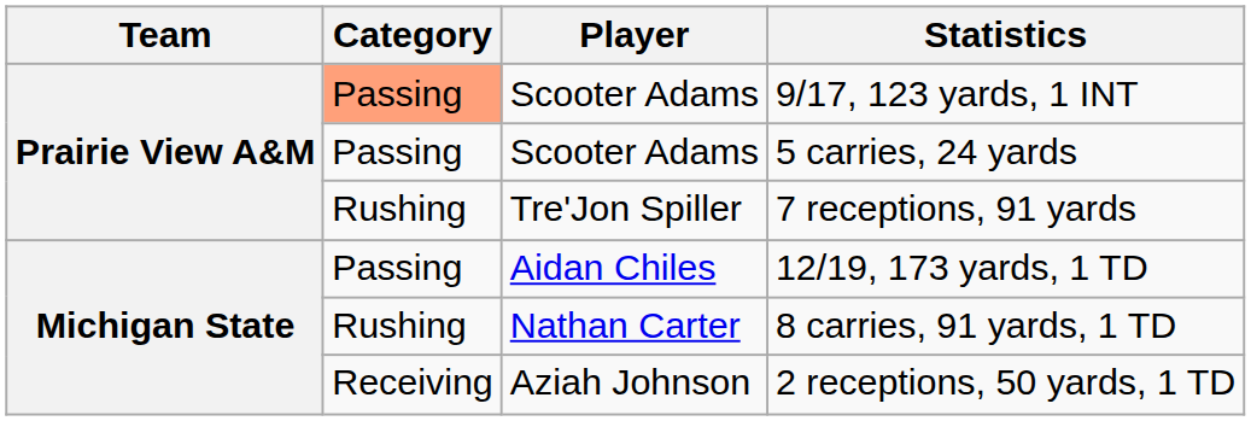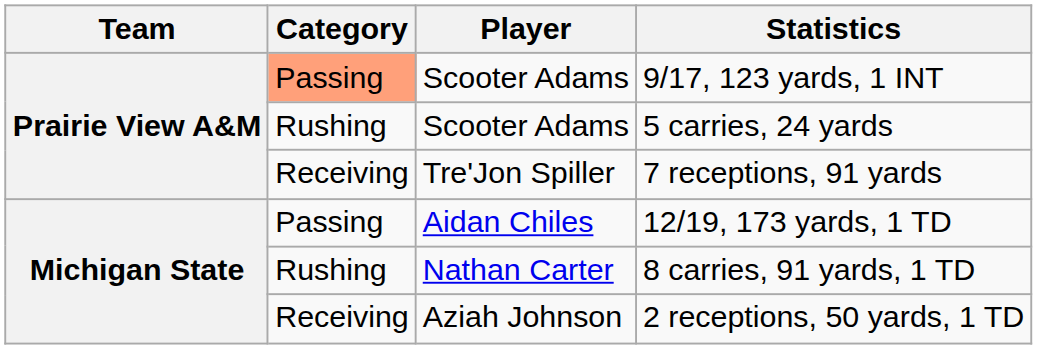 <table class="wikitable" style="float:right">
 <tr>
 <th>Team</th>
 <th>Category</th>
 <th>Player</th>
 <th>Statistics</th>
 </tr>
 <tr>
 <th rowspan=3>Prairie View A&M</th>
 <td style="background: lightsalmon;">Passing</td>
 <td>Scooter Adams</td>
 <td>9/17, 123 yards, 1 INT</td>
 </tr>
 <tr>
-<td>Passing</td>
+<td>Rushing</td>
 <td>Scooter Adams</td>
 <td>5 carries, 24 yards</td>
 </tr>
 <tr>
-<td>Rushing</td>
+<td>Receiving</td>
 <td>Tre'Jon Spiller</td>
 <td>7 receptions, 91 yards</td>
 </tr>
 <tr>
 <th rowspan=3>Michigan State</th>
 <td>Passing</td>
 <td><a href='#'>Aidan Chiles</a></td>
 <td>12/19, 173 yards, 1 TD</td>
 </tr>
 <tr>
 <td>Rushing</td>
 <td><a href='#'>Nathan Carter</a></td>
 <td>8 carries, 91 yards, 1 TD</td>
 </tr>
 <tr>
 <td>Receiving</td>
 <td>Aziah Johnson</td>
 <td>2 receptions, 50 yards, 1 TD</td>
 </tr>
 </table>
